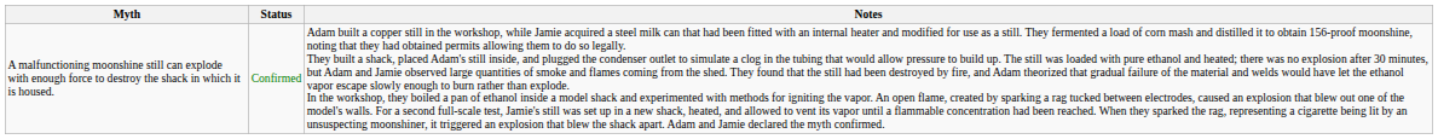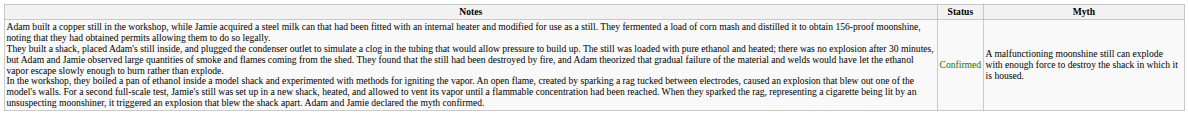 <table class="wikitable plainrowheaders">
 <tr>
+<th scope"col">Notes</th>
+<th scope"col">Status</th>
 <th scope"col">Myth</th>
-<th scope"col">Status</th>
-<th scope"col">Notes</th>
 </tr>
 <tr>
+<td>Adam built a copper still in the workshop, while Jamie acquired a steel milk can that had been fitted with an internal heater and modified for use as a still. They fermented a load of corn mash and distilled it to obtain 156-proof moonshine, noting that they had obtained permits allowing them to do so legally.<br>They built a shack, placed Adam's still inside, and plugged the condenser outlet to simulate a clog in the tubing that would allow pressure to build up. The still was loaded with pure ethanol and heated; there was no explosion after 30 minutes, but Adam and Jamie observed large quantities of smoke and flames coming from the shed. They found that the still had been destroyed by fire, and Adam theorized that gradual failure of the material and welds would have let the ethanol vapor escape slowly enough to burn rather than explode.<br>In the workshop, they boiled a pan of ethanol inside a model shack and experimented with methods for igniting the vapor. An open flame, created by sparking a rag tucked between electrodes, caused an explosion that blew out one of the model's walls. For a second full-scale test, Jamie's still was set up in a new shack, heated, and allowed to vent its vapor until a flammable concentration had been reached. When they sparked the rag, representing a cigarette being lit by an unsuspecting moonshiner, it triggered an explosion that blew the shack apart. Adam and Jamie declared the myth confirmed.</td>
+<td style="color:green">Confirmed</td>
 <td scope"row">A malfunctioning moonshine still can explode with enough force to destroy the shack in which it is housed.</td>
-<td style="color:green">Confirmed</td>
-<td>Adam built a copper still in the workshop, while Jamie acquired a steel milk can that had been fitted with an internal heater and modified for use as a still. They fermented a load of corn mash and distilled it to obtain 156-proof moonshine, noting that they had obtained permits allowing them to do so legally.<br>They built a shack, placed Adam's still inside, and plugged the condenser outlet to simulate a clog in the tubing that would allow pressure to build up. The still was loaded with pure ethanol and heated; there was no explosion after 30 minutes, but Adam and Jamie observed large quantities of smoke and flames coming from the shed. They found that the still had been destroyed by fire, and Adam theorized that gradual failure of the material and welds would have let the ethanol vapor escape slowly enough to burn rather than explode.<br>In the workshop, they boiled a pan of ethanol inside a model shack and experimented with methods for igniting the vapor. An open flame, created by sparking a rag tucked between electrodes, caused an explosion that blew out one of the model's walls. For a second full-scale test, Jamie's still was set up in a new shack, heated, and allowed to vent its vapor until a flammable concentration had been reached. When they sparked the rag, representing a cigarette being lit by an unsuspecting moonshiner, it triggered an explosion that blew the shack apart. Adam and Jamie declared the myth confirmed.</td>
 </tr>
 </table>
